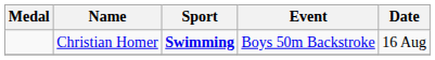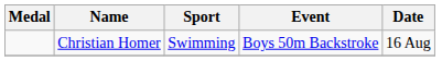 <table class="wikitable sortable" style="font-size:90%">
 <tr>
 <th>Medal</th>
 <th>Name</th>
 <th>Sport</th>
 <th>Event</th>
 <th>Date</th>
 </tr>
 <tr>
 <td></td>
 <td><a href='#'>Christian Homer</a></td>
-<td><strong><a href='#'>Swimming</a></strong></td>
+<td><a href='#'>Swimming</a></td>
 <td><a href='#'>Boys 50m Backstroke</a></td>
 <td>16 Aug</td>
 </tr>
 <tr>
 </tr>
 </table>
